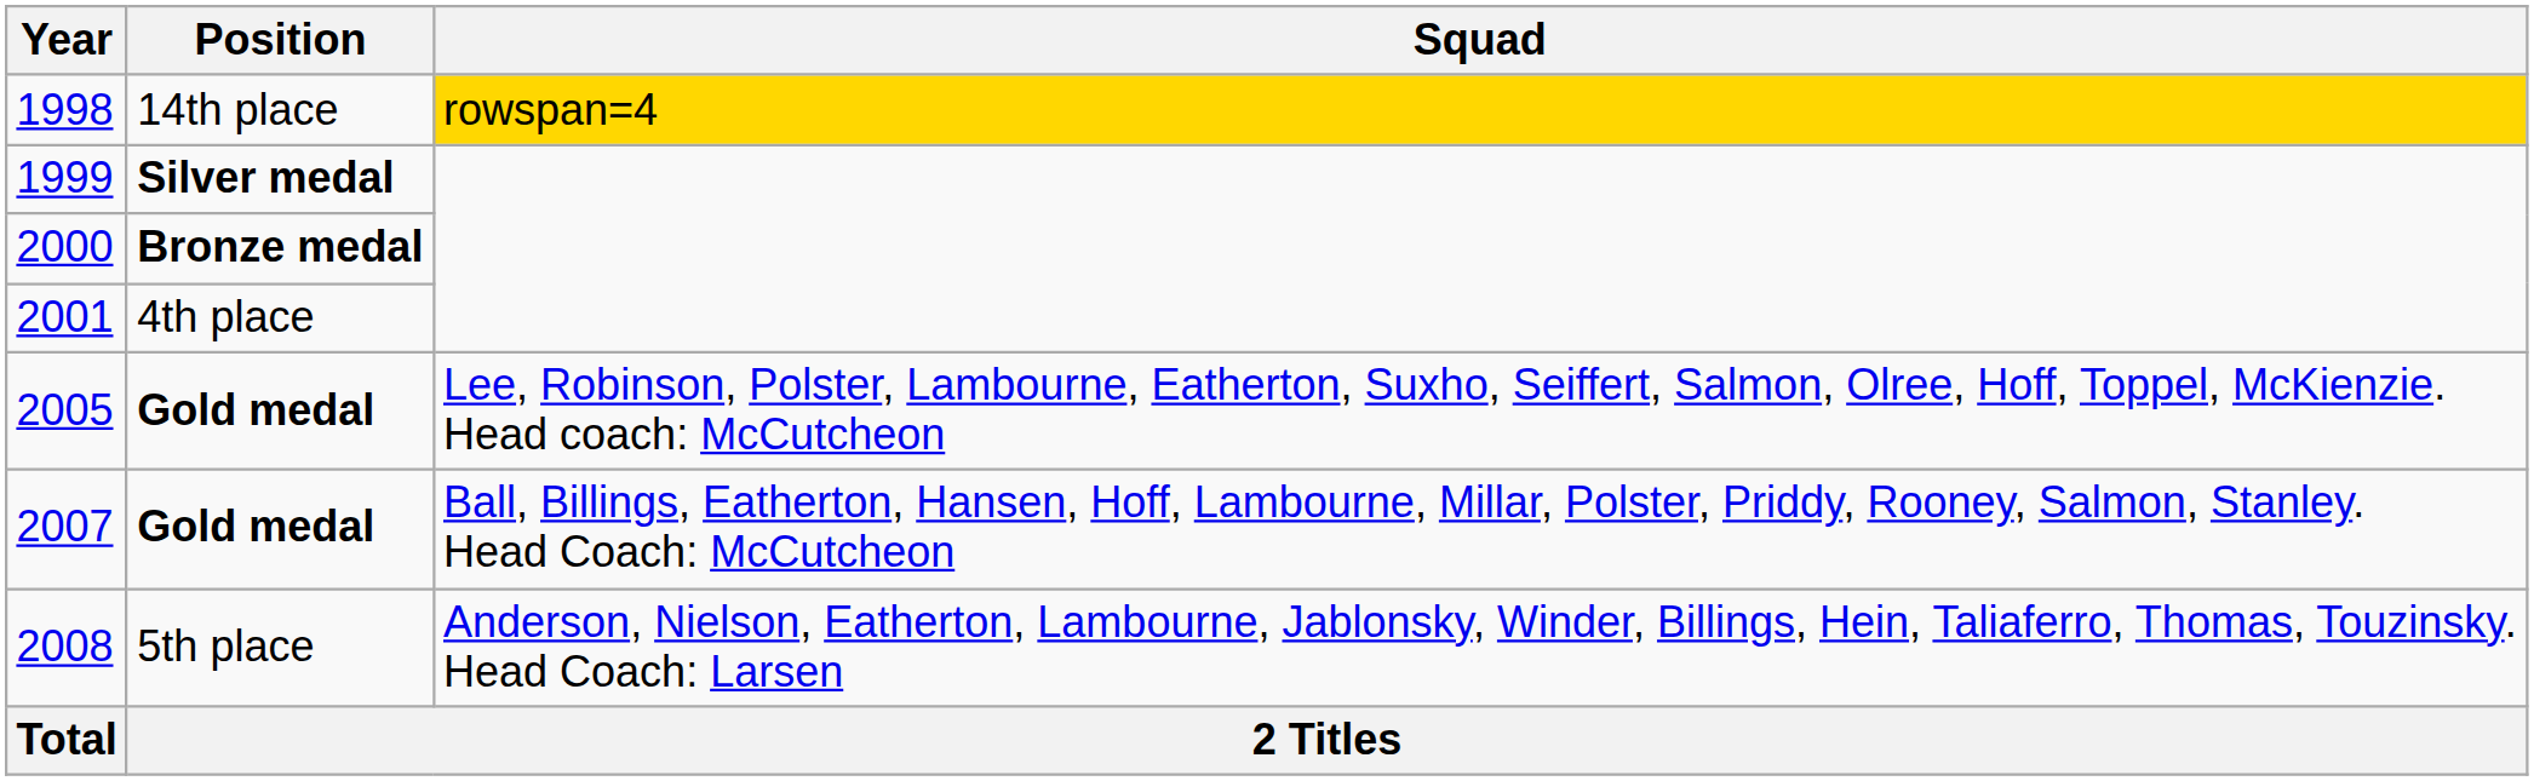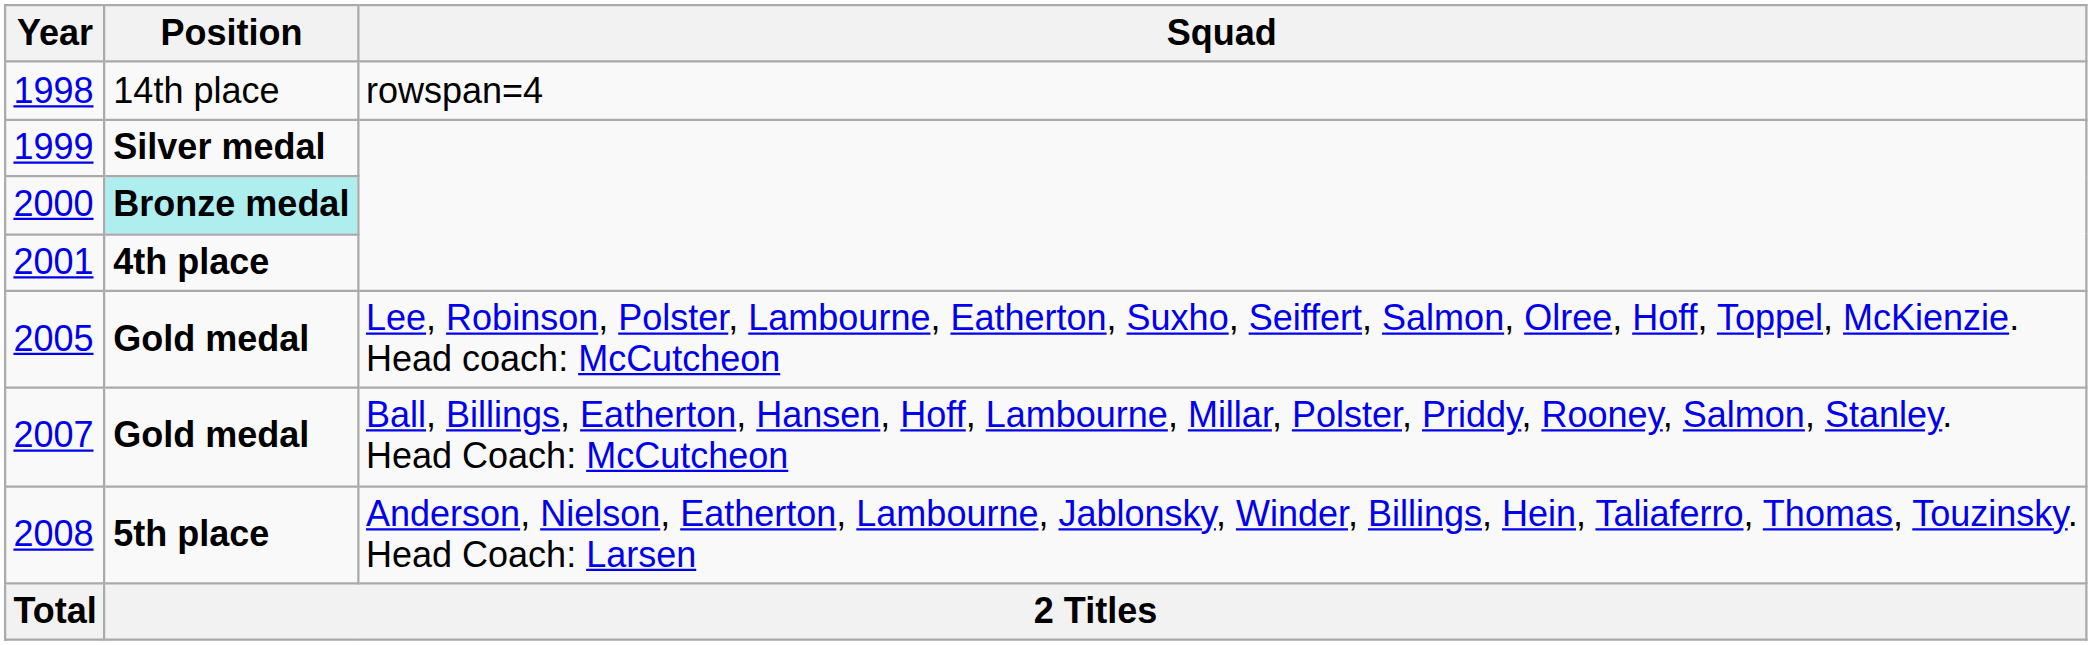 <table class="wikitable" style="text-align: center;">
 <tr>
 <th>Year</th>
 <th>Position</th>
 <th>Squad</th>
 </tr>
 <tr style="text-align:left;">
 <td><a href='#'>1998</a></td>
 <td>14th place</td>
-<td style="background: gold;">rowspan=4 </td>
+<td>rowspan=4 </td>
 </tr>
 <tr style="text-align:left;">
 <td><a href='#'>1999</a></td>
 <td> <strong>Silver medal</strong></td>
 </tr>
 <tr style="text-align:left;">
 <td><a href='#'>2000</a></td>
-<td> <strong>Bronze medal</strong></td>
+<td style="background: paleturquoise;"> <strong>Bronze medal</strong></td>
 </tr>
 <tr style="text-align:left;">
 <td><a href='#'>2001</a></td>
-<td>4th place</td>
+<td><strong>4th place</strong></td>
 </tr>
 <tr style="text-align:left;">
 <td><a href='#'>2005</a></td>
 <td> <strong>Gold medal</strong></td>
 <td><a href='#'>Lee</a>, <a href='#'>Robinson</a>, <a href='#'>Polster</a>, <a href='#'>Lambourne</a>, <a href='#'>Eatherton</a>, <a href='#'>Suxho</a>, <a href='#'>Seiffert</a>, <a href='#'>Salmon</a>, <a href='#'>Olree</a>, <a href='#'>Hoff</a>, <a href='#'>Toppel</a>, <a href='#'>McKienzie</a>. <br>Head coach: <a href='#'>McCutcheon</a></td>
 </tr>
 <tr style="text-align:left;">
 <td><a href='#'>2007</a></td>
 <td> <strong>Gold medal</strong></td>
 <td><a href='#'>Ball</a>, <a href='#'>Billings</a>, <a href='#'>Eatherton</a>, <a href='#'>Hansen</a>, <a href='#'>Hoff</a>, <a href='#'>Lambourne</a>, <a href='#'>Millar</a>, <a href='#'>Polster</a>, <a href='#'>Priddy</a>, <a href='#'>Rooney</a>, <a href='#'>Salmon</a>, <a href='#'>Stanley</a>. <br>Head Coach: <a href='#'>McCutcheon</a></td>
 </tr>
 <tr style="text-align:left;">
 <td><a href='#'>2008</a></td>
-<td>5th place</td>
+<td><strong>5th place</strong></td>
 <td><a href='#'>Anderson</a>, <a href='#'>Nielson</a>, <a href='#'>Eatherton</a>, <a href='#'>Lambourne</a>, <a href='#'>Jablonsky</a>, <a href='#'>Winder</a>, <a href='#'>Billings</a>, <a href='#'>Hein</a>, <a href='#'>Taliaferro</a>, <a href='#'>Thomas</a>, <a href='#'>Touzinsky</a>. <br>Head Coach: <a href='#'>Larsen</a></td>
 </tr>
 <tr>
 <th>Total</th>
 <th colspan="2">2 Titles</th>
 </tr>
 </table>
